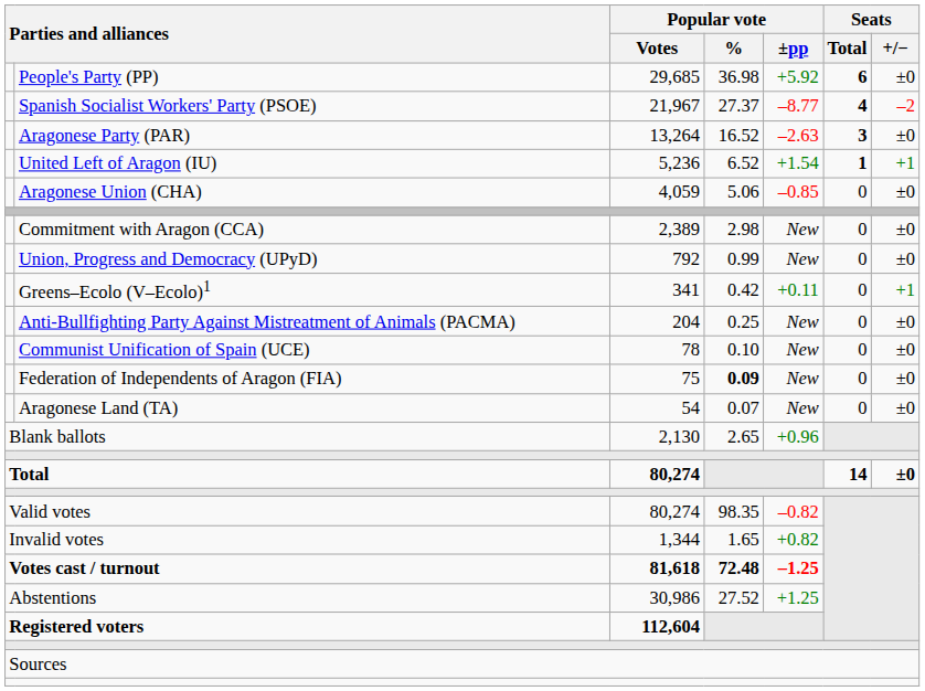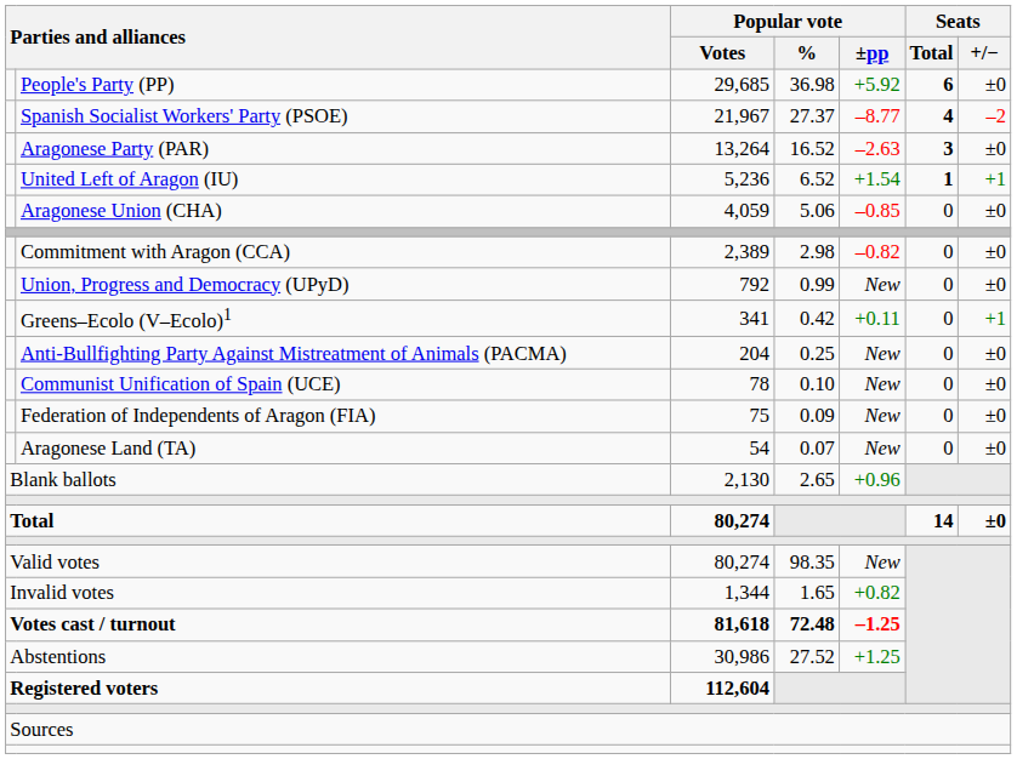 <table class="wikitable" style="text-align:right;">
 <tr>
 <th style="text-align:left;" rowspan="2" colspan="2" width="525">Parties and alliances</th>
 <th colspan="3">Popular vote</th>
 <th colspan="2">Seats</th>
 </tr>
 <tr>
 <th width="75">Votes</th>
 <th width="45">%</th>
 <th width="45">±<a href='#'>pp</a></th>
 <th width="35">Total</th>
 <th width="35">+/−</th>
 </tr>
 <tr>
 <td width="1" style="color:inherit;background:"></td>
 <td align="left"><a href='#'>People's Party</a> (PP)</td>
 <td>29,685</td>
 <td>36.98</td>
 <td style="color:green;">+5.92</td>
 <td><strong>6</strong></td>
 <td>±0</td>
 </tr>
 <tr>
 <td style="color:inherit;background:"></td>
 <td align="left"><a href='#'>Spanish Socialist Workers' Party</a> (PSOE)</td>
 <td>21,967</td>
 <td>27.37</td>
 <td style="color:red;">–8.77</td>
 <td><strong>4</strong></td>
 <td style="color:red;">–2</td>
 </tr>
 <tr>
 <td style="color:inherit;background:"></td>
 <td align="left"><a href='#'>Aragonese Party</a> (PAR)</td>
 <td>13,264</td>
 <td>16.52</td>
 <td style="color:red;">–2.63</td>
 <td><strong>3</strong></td>
 <td>±0</td>
 </tr>
 <tr>
 <td style="color:inherit;background:"></td>
 <td align="left"><a href='#'>United Left of Aragon</a> (IU)</td>
 <td>5,236</td>
 <td>6.52</td>
 <td style="color:green;">+1.54</td>
 <td><strong>1</strong></td>
 <td style="color:green;">+1</td>
 </tr>
 <tr>
 <td style="color:inherit;background:"></td>
 <td align="left"><a href='#'>Aragonese Union</a> (CHA)</td>
 <td>4,059</td>
 <td>5.06</td>
 <td style="color:red;">–0.85</td>
 <td>0</td>
 <td>±0</td>
 </tr>
 <tr>
 <td colspan="7" bgcolor="#C0C0C0"></td>
 </tr>
 <tr>
 <td style="color:inherit;background:"></td>
 <td align="left">Commitment with Aragon (CCA)</td>
 <td>2,389</td>
 <td>2.98</td>
-<td><em>New</em></td>
+<td style="color:red;">–0.82</td>
 <td>0</td>
 <td>±0</td>
 </tr>
 <tr>
 <td style="color:inherit;background:"></td>
 <td align="left"><a href='#'>Union, Progress and Democracy</a> (UPyD)</td>
 <td>792</td>
 <td>0.99</td>
 <td><em>New</em></td>
 <td>0</td>
 <td>±0</td>
 </tr>
 <tr>
 <td style="color:inherit;background:"></td>
 <td align="left">Greens–Ecolo (V–Ecolo)<sup>1</sup></td>
 <td>341</td>
 <td>0.42</td>
 <td style="color:green;">+0.11</td>
 <td>0</td>
 <td style="color:green;">+1</td>
 </tr>
 <tr>
 <td style="color:inherit;background:"></td>
 <td align="left"><a href='#'>Anti-Bullfighting Party Against Mistreatment of Animals</a> (PACMA)</td>
 <td>204</td>
 <td>0.25</td>
 <td><em>New</em></td>
 <td>0</td>
 <td>±0</td>
 </tr>
 <tr>
 <td style="color:inherit;background:"></td>
 <td align="left"><a href='#'>Communist Unification of Spain</a> (UCE)</td>
 <td>78</td>
 <td>0.10</td>
 <td><em>New</em></td>
 <td>0</td>
 <td>±0</td>
 </tr>
 <tr>
 <td style="color:inherit;background:"></td>
 <td align="left">Federation of Independents of Aragon (FIA)</td>
 <td>75</td>
-<td><strong>0.09</strong></td>
+<td>0.09</td>
 <td><em>New</em></td>
 <td>0</td>
 <td>±0</td>
 </tr>
 <tr>
 <td style="color:inherit;background:"></td>
 <td align="left">Aragonese Land (TA)</td>
 <td>54</td>
 <td>0.07</td>
 <td><em>New</em></td>
 <td>0</td>
 <td>±0</td>
 </tr>
 <tr>
 <td align="left" colspan="2">Blank ballots</td>
 <td>2,130</td>
 <td>2.65</td>
 <td style="color:green;">+0.96</td>
 <td bgcolor="#E9E9E9" colspan="2"></td>
 </tr>
 <tr>
 <td colspan="7" bgcolor="#E9E9E9"></td>
 </tr>
 <tr style="font-weight:bold;">
 <td align="left" colspan="2">Total</td>
 <td>80,274</td>
 <td bgcolor="#E9E9E9" colspan="2"></td>
 <td>14</td>
 <td>±0</td>
 </tr>
 <tr>
 <td colspan="7" bgcolor="#E9E9E9"></td>
 </tr>
 <tr>
 <td align="left" colspan="2">Valid votes</td>
 <td>80,274</td>
 <td>98.35</td>
-<td style="color:red;">–0.82</td>
+<td><em>New</em></td>
 <td bgcolor="#E9E9E9" colspan="2" rowspan="5"></td>
 </tr>
 <tr>
 <td align="left" colspan="2">Invalid votes</td>
 <td>1,344</td>
 <td>1.65</td>
 <td style="color:green;">+0.82</td>
 </tr>
 <tr style="font-weight:bold;">
 <td align="left" colspan="2">Votes cast / turnout</td>
 <td>81,618</td>
 <td>72.48</td>
 <td style="color:red;">–1.25</td>
 </tr>
 <tr>
 <td align="left" colspan="2">Abstentions</td>
 <td>30,986</td>
 <td>27.52</td>
 <td style="color:green;">+1.25</td>
 </tr>
 <tr style="font-weight:bold;">
 <td align="left" colspan="2">Registered voters</td>
 <td>112,604</td>
 <td bgcolor="#E9E9E9" colspan="2"></td>
 </tr>
 <tr>
 <td colspan="7" bgcolor="#E9E9E9"></td>
 </tr>
 <tr>
 <td align="left" colspan="7">Sources</td>
 </tr>
 <tr>
 <td colspan="7" style="text-align:left; max-width:790px;"></td>
 </tr>
 </table>
